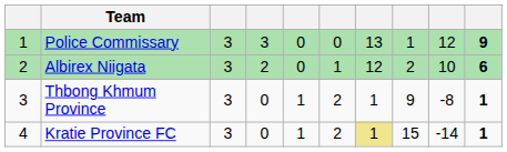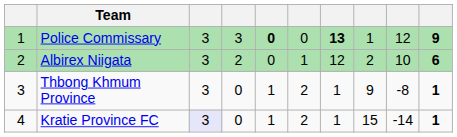 <table class="wikitable" style="text-align: center;">
 <tr>
 <th width=30></th>
 <th width=165>Team</th>
 <th width=30></th>
 <th width=30></th>
 <th width=30></th>
 <th width=30></th>
 <th width=30></th>
 <th width=30></th>
 <th width=30></th>
 <th width=30></th>
 </tr>
 <tr style="background:#ace1af;">
 <td>1</td>
 <td align=left><a href='#'>Police Commissary</a></td>
 <td>3</td>
 <td>3</td>
+<td><strong>0</strong></td>
 <td>0</td>
-<td>0</td>
-<td>13</td>
+<td><strong>13</strong></td>
 <td>1</td>
 <td>12</td>
 <td><strong>9</strong></td>
 </tr>
 <tr style="background:#ace1af;">
 <td>2</td>
 <td align=left><a href='#'>Albirex Niigata</a></td>
 <td>3</td>
 <td>2</td>
 <td>0</td>
 <td>1</td>
 <td>12</td>
 <td>2</td>
 <td>10</td>
 <td><strong>6</strong></td>
 </tr>
 <tr>
 <td>3</td>
 <td align=left><a href='#'>Thbong Khmum Province</a></td>
 <td>3</td>
 <td>0</td>
 <td>1</td>
 <td>2</td>
 <td>1</td>
 <td>9</td>
 <td>-8</td>
 <td><strong>1</strong></td>
 </tr>
 <tr>
 <td>4</td>
 <td align=left><a href='#'>Kratie Province FC</a></td>
-<td>3</td>
+<td style="background: lavender;">3</td>
 <td>0</td>
 <td>1</td>
 <td>2</td>
-<td style="background: khaki;">1</td>
+<td>1</td>
 <td>15</td>
 <td>-14</td>
 <td><strong>1</strong></td>
 </tr>
 </table>
